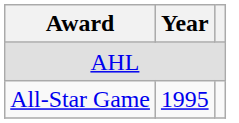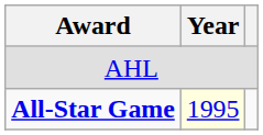 <table class="wikitable">
 <tr>
 <th>Award</th>
 <th>Year</th>
 <th></th>
 </tr>
 <tr ALIGN="center" bgcolor="#e0e0e0">
 <td colspan="3"><a href='#'>AHL</a></td>
 </tr>
 <tr>
-<td><a href='#'>All-Star Game</a></td>
-<td><a href='#'>1995</a></td>
+<td><strong><a href='#'>All-Star Game</a></strong></td>
+<td style="background: lightyellow;"><a href='#'>1995</a></td>
 <td></td>
 </tr>
 </table>
